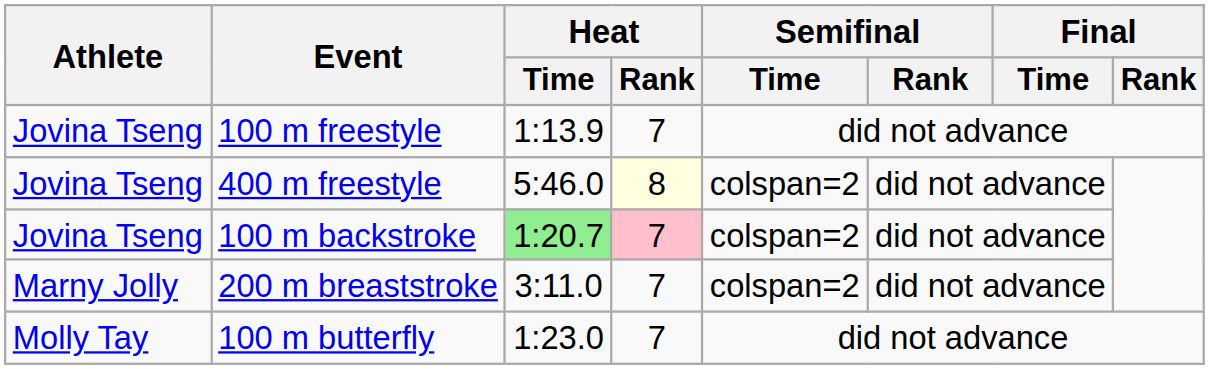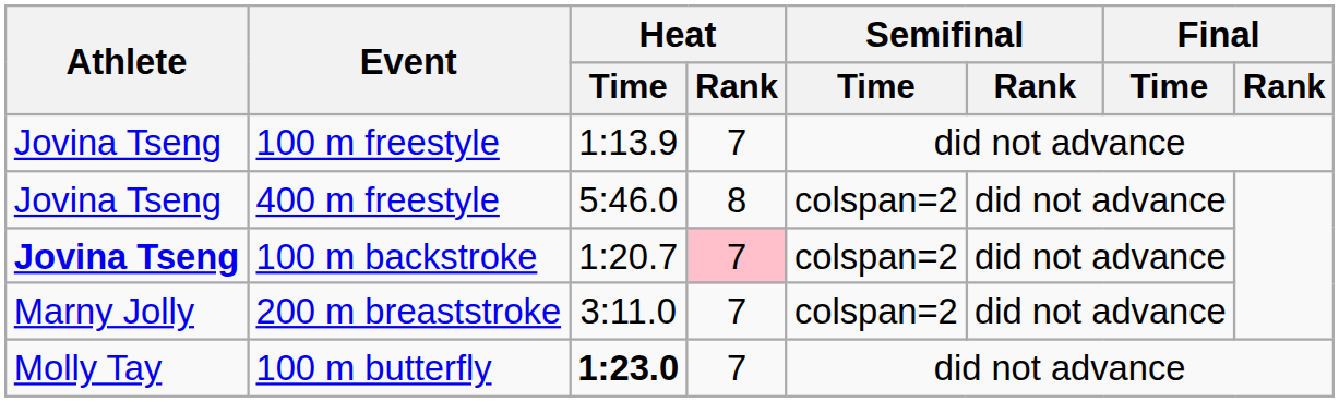 <table class=wikitable style="font-size:90%">
 <tr>
 <th rowspan=2>Athlete</th>
 <th rowspan=2>Event</th>
 <th colspan="2">Heat</th>
 <th colspan="2">Semifinal</th>
 <th colspan="2">Final</th>
 </tr>
 <tr style="font-size:95%">
 <th>Time</th>
 <th>Rank</th>
 <th>Time</th>
 <th>Rank</th>
 <th>Time</th>
 <th>Rank</th>
 </tr>
 <tr align=center>
 <td align=left><a href='#'>Jovina Tseng</a></td>
 <td align=left><a href='#'>100 m freestyle</a></td>
 <td>1:13.9</td>
 <td>7</td>
 <td colspan=4>did not advance</td>
 </tr>
 <tr align=center>
 <td align=left><a href='#'>Jovina Tseng</a></td>
 <td align=left><a href='#'>400 m freestyle</a></td>
 <td>5:46.0</td>
-<td style="background: lightyellow;">8</td>
+<td>8</td>
 <td>colspan=2 </td>
 <td colspan=2>did not advance</td>
 </tr>
 <tr align=center>
-<td align=left><a href='#'>Jovina Tseng</a></td>
+<td align=left><strong><a href='#'>Jovina Tseng</a></strong></td>
 <td align=left><a href='#'>100 m backstroke</a></td>
-<td style="background: lightgreen;">1:20.7</td>
+<td>1:20.7</td>
 <td style="background: pink;">7</td>
 <td>colspan=2 </td>
 <td colspan=2>did not advance</td>
 </tr>
 <tr align=center>
 <td align=left><a href='#'>Marny Jolly</a></td>
 <td align=left><a href='#'>200 m breaststroke</a></td>
 <td>3:11.0</td>
 <td>7</td>
 <td>colspan=2 </td>
 <td colspan=2>did not advance</td>
 </tr>
 <tr align=center>
 <td align=left><a href='#'>Molly Tay</a></td>
 <td align=left><a href='#'>100 m butterfly</a></td>
-<td>1:23.0</td>
+<td><strong>1:23.0</strong></td>
 <td>7</td>
 <td colspan=4>did not advance</td>
 </tr>
 </table>
